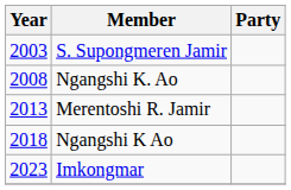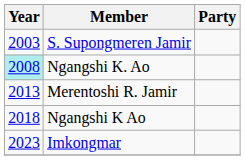 <table class="wikitable sortable">
 <tr>
 <th>Year</th>
 <th>Member</th>
 <th colspan="2">Party</th>
 </tr>
 <tr>
 <td><a href='#'>2003</a></td>
 <td><a href='#'>S. Supongmeren Jamir</a></td>
 <td></td>
 </tr>
 <tr>
-<td><a href='#'>2008</a></td>
+<td style="background: paleturquoise;"><a href='#'>2008</a></td>
 <td>Ngangshi K. Ao</td>
 <td></td>
 </tr>
 <tr>
 <td><a href='#'>2013</a></td>
 <td>Merentoshi R. Jamir</td>
 <td></td>
 </tr>
 <tr>
 <td><a href='#'>2018</a></td>
 <td>Ngangshi K Ao</td>
 </tr>
 <tr>
 <td><a href='#'>2023</a></td>
 <td><a href='#'>Imkongmar</a></td>
 <td></td>
 </tr>
 <tr>
 </tr>
 </table>
